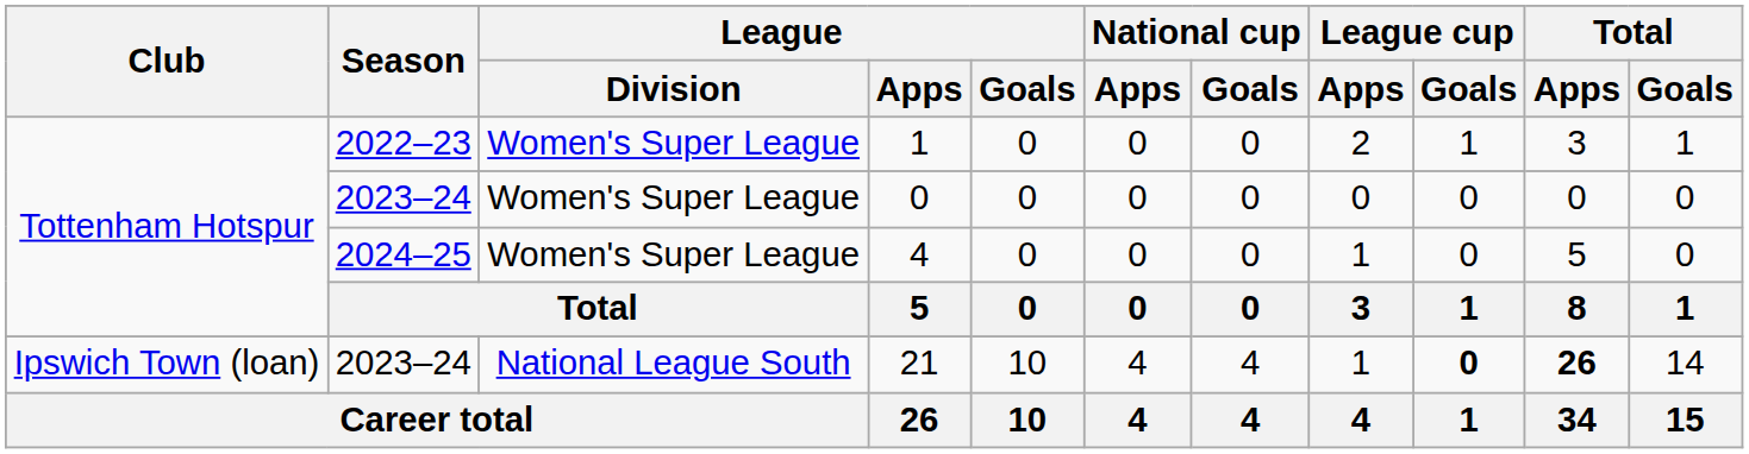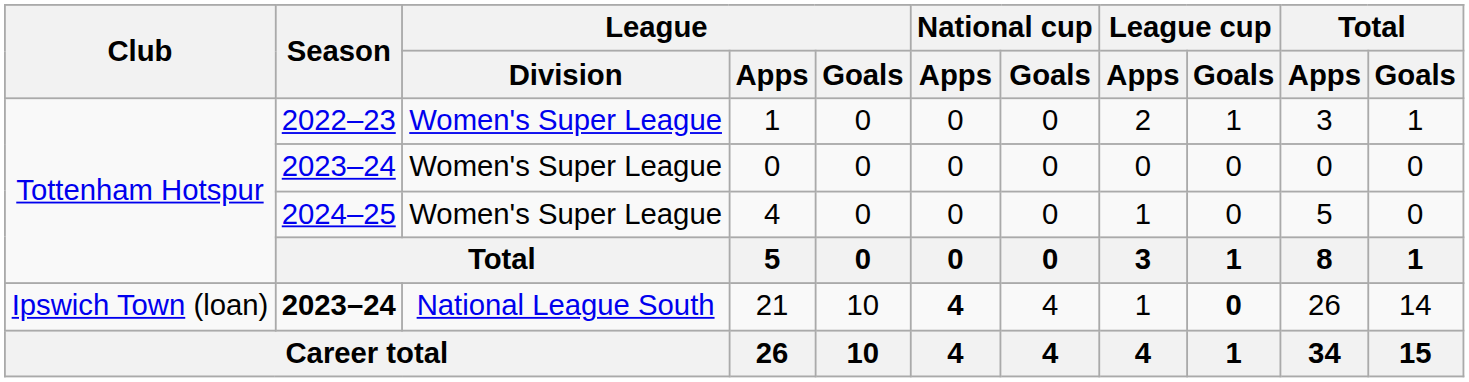 <table class="wikitable" style="text-align:center">
 <tr>
 <th rowspan="2">Club</th>
 <th rowspan="2">Season</th>
 <th colspan="3">League</th>
 <th colspan="2">National cup</th>
 <th colspan="2">League cup</th>
 <th colspan="2">Total</th>
 </tr>
 <tr>
 <th>Division</th>
 <th>Apps</th>
 <th>Goals</th>
 <th>Apps</th>
 <th>Goals</th>
 <th>Apps</th>
 <th>Goals</th>
 <th>Apps</th>
 <th>Goals</th>
 </tr>
 <tr>
 <td rowspan="4"><a href='#'>Tottenham Hotspur</a></td>
 <td><a href='#'>2022–23</a></td>
 <td><a href='#'>Women's Super League</a></td>
 <td>1</td>
 <td>0</td>
 <td>0</td>
 <td>0</td>
 <td>2</td>
 <td>1</td>
 <td>3</td>
 <td>1</td>
 </tr>
 <tr>
 <td><a href='#'>2023–24</a></td>
 <td>Women's Super League</td>
 <td>0</td>
 <td>0</td>
 <td>0</td>
 <td>0</td>
 <td>0</td>
 <td>0</td>
 <td>0</td>
 <td>0</td>
 </tr>
 <tr>
 <td><a href='#'>2024–25</a></td>
 <td>Women's Super League</td>
 <td>4</td>
 <td>0</td>
 <td>0</td>
 <td>0</td>
 <td>1</td>
 <td>0</td>
 <td>5</td>
 <td>0</td>
 </tr>
 <tr>
 <th colspan="2">Total</th>
 <th>5</th>
 <th>0</th>
 <th>0</th>
 <th>0</th>
 <th>3</th>
 <th>1</th>
 <th>8</th>
 <th>1</th>
 </tr>
 <tr>
 <td><a href='#'>Ipswich Town</a> (loan)</td>
-<td>2023–24</td>
+<td><strong>2023–24</strong></td>
 <td><a href='#'>National League South</a></td>
 <td>21</td>
 <td>10</td>
-<td>4</td>
+<td><strong>4</strong></td>
 <td>4</td>
 <td>1</td>
 <td><strong>0</strong></td>
-<td><strong>26</strong></td>
+<td>26</td>
 <td>14</td>
 </tr>
 <tr>
 <th colspan="3">Career total</th>
 <th>26</th>
 <th>10</th>
 <th>4</th>
 <th>4</th>
 <th>4</th>
 <th>1</th>
 <th>34</th>
 <th>15</th>
 </tr>
 </table>
